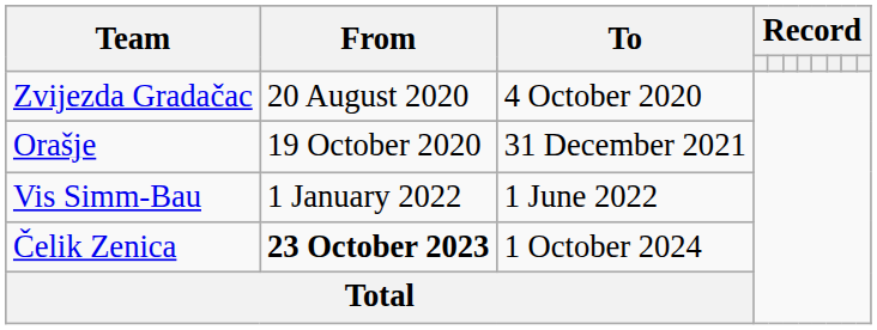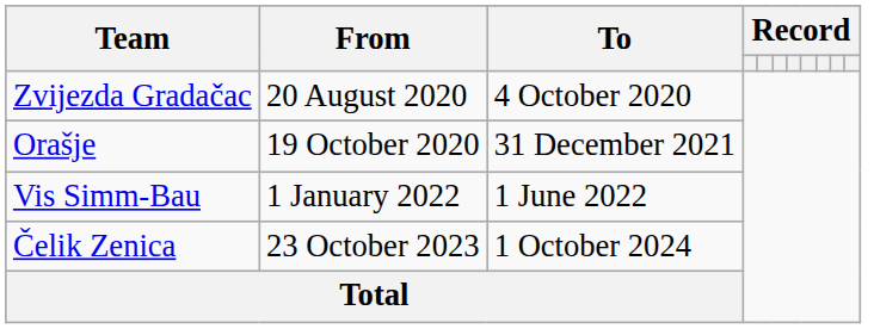 <table class="wikitable" style="text-align: center">
 <tr>
 <th rowspan="2">Team</th>
 <th rowspan="2">From</th>
 <th rowspan="2">To</th>
 <th colspan="8">Record</th>
 </tr>
 <tr>
 <th></th>
 <th></th>
 <th></th>
 <th></th>
 <th></th>
 <th></th>
 <th></th>
 <th></th>
 </tr>
 <tr>
 <td align="left"><a href='#'>Zvijezda Gradačac</a></td>
 <td align="left">20 August 2020</td>
 <td align="left">4 October 2020<br></td>
 </tr>
 <tr>
 <td align="left"><a href='#'>Orašje</a></td>
 <td align="left">19 October 2020</td>
 <td align="left">31 December 2021<br></td>
 </tr>
 <tr>
 <td align="left"><a href='#'>Vis Simm-Bau</a></td>
 <td align="left">1 January 2022</td>
 <td align="left">1 June 2022<br></td>
 </tr>
 <tr>
 <td align="left"><a href='#'>Čelik Zenica</a></td>
-<td align="left"><strong>23 October 2023</strong></td>
+<td align="left">23 October 2023</td>
 <td align="left">1 October 2024<br></td>
 </tr>
 <tr>
 <th colspan="3">Total<br></th>
 </tr>
 </table>
